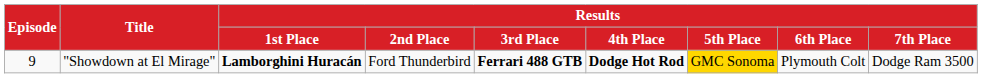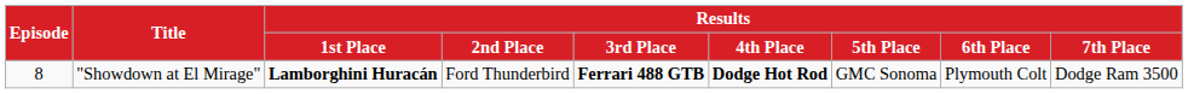 <table class="wikitable">
 <tr>
 <th rowspan="2" ! style="background:#D81F26; color:#FFFFFF">Episode</th>
 <th rowspan="2" ! style="background:#D81F26; color:#FFFFFF">Title</th>
 <th colspan="7" ! style="background:#D81F26; color:#FFFFFF">Results</th>
 </tr>
 <tr>
 <th style="background:#D81F26; color:#FFFFFF">1st Place</th>
 <th style="background:#D81F26; color:#FFFFFF">2nd Place</th>
 <th style="background:#D81F26; color:#FFFFFF">3rd Place</th>
 <th style="background:#D81F26; color:#FFFFFF">4th Place</th>
 <th style="background:#D81F26; color:#FFFFFF">5th Place</th>
 <th style="background:#D81F26; color:#FFFFFF">6th Place</th>
 <th style="background:#D81F26; color:#FFFFFF">7th Place</th>
 </tr>
 <tr>
-<td style="text-align:center">9</td>
+<td style="text-align:center">8</td>
 <td>"Showdown at El Mirage"</td>
 <td><strong>Lamborghini Huracán</strong></td>
 <td>Ford Thunderbird</td>
 <td><strong>Ferrari 488 GTB</strong></td>
 <td><strong>Dodge Hot Rod</strong></td>
-<td style="background: gold;">GMC Sonoma</td>
+<td>GMC Sonoma</td>
 <td>Plymouth Colt</td>
 <td>Dodge Ram 3500</td>
 </tr>
 </table>
